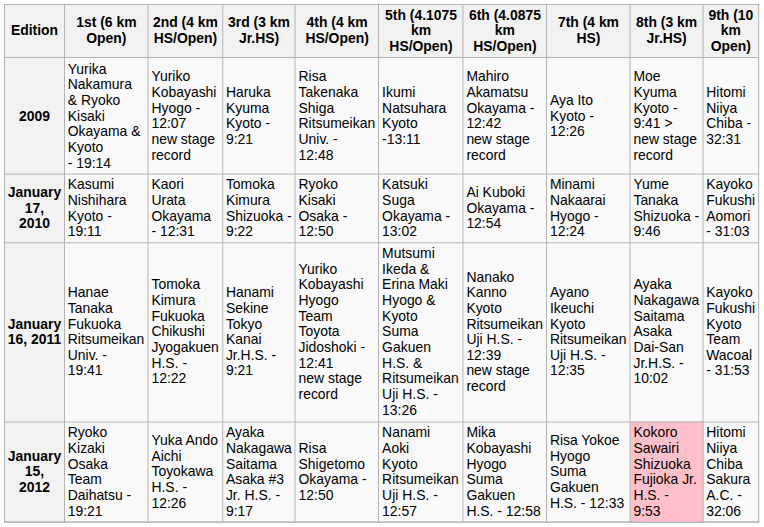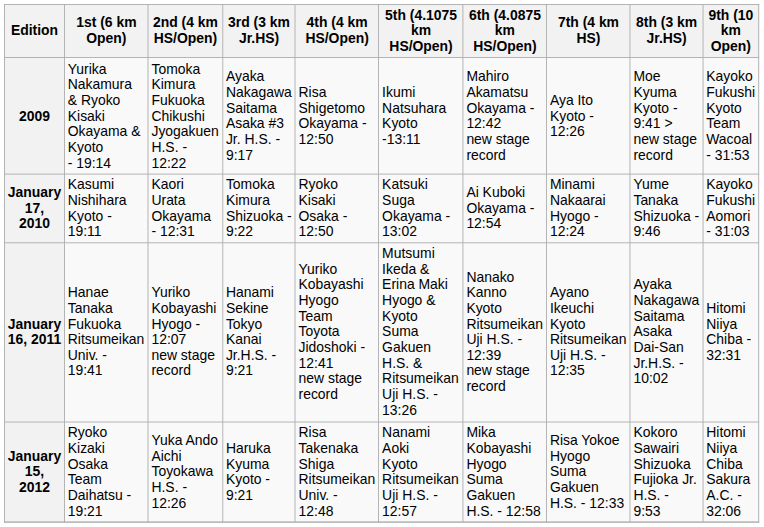 <table class="wikitable" style="text-align:left">
 <tr>
 <th>Edition</th>
 <th scope="col">1st (6 km Open)</th>
 <th scope="col">2nd (4 km HS/Open)</th>
 <th scope="col">3rd (3 km Jr.HS)</th>
 <th scope="col">4th (4 km HS/Open)</th>
 <th scope="col">5th (4.1075 km HS/Open)</th>
 <th scope="col">6th (4.0875 km HS/Open)</th>
 <th scope="col">7th (4 km HS)</th>
 <th scope="col">8th (3 km Jr.HS)</th>
 <th scope="col">9th (10 km Open)</th>
 </tr>
 <tr>
 <th scope="row">2009</th>
 <td>Yurika Nakamura & Ryoko Kisaki <br>Okayama & Kyoto <br> - 19:14</td>
-<td>Yuriko Kobayashi <br>Hyogo - 12:07<br> new stage record</td>
-<td>Haruka Kyuma <br>Kyoto - 9:21</td>
-<td>Risa Takenaka <br>Shiga<br>Ritsumeikan Univ. - 12:48 <br></td>
+<td>Tomoka Kimura <br>Fukuoka<br>Chikushi Jyogakuen H.S. - 12:22<br></td>
+<td>Ayaka Nakagawa <br>Saitama<br>Asaka #3 Jr. H.S. - 9:17 <br></td>
+<td>Risa Shigetomo <br>Okayama - 12:50</td>
 <td>Ikumi Natsuhara <br>Kyoto -13:11</td>
 <td>Mahiro Akamatsu <br>Okayama - 12:42 <br> new stage record</td>
 <td>Aya Ito <br>Kyoto - 12:26</td>
 <td>Moe Kyuma <br>Kyoto - 9:41 ><br> new stage record</td>
-<td>Hitomi Niiya <br>Chiba - 32:31</td>
+<td>Kayoko Fukushi <br>Kyoto<br>Team Wacoal - 31:53 <br></td>
 </tr>
 <tr>
 <th scope="row">January 17, 2010</th>
 <td>Kasumi Nishihara <br>Kyoto - 19:11</td>
 <td>Kaori Urata <br>Okayama - 12:31</td>
 <td>Tomoka Kimura <br>Shizuoka - 9:22</td>
 <td>Ryoko Kisaki <br>Osaka - 12:50</td>
 <td>Katsuki Suga <br>Okayama - 13:02</td>
 <td>Ai Kuboki <br>Okayama - 12:54</td>
 <td>Minami Nakaarai <br>Hyogo - 12:24</td>
 <td>Yume Tanaka <br>Shizuoka - 9:46</td>
 <td>Kayoko Fukushi <br>Aomori - 31:03</td>
 </tr>
 <tr>
 <th scope="row">January 16, 2011</th>
 <td>Hanae Tanaka <br>Fukuoka<br>Ritsumeikan Univ. - 19:41 <br></td>
-<td>Tomoka Kimura <br>Fukuoka<br>Chikushi Jyogakuen H.S. - 12:22<br></td>
+<td>Yuriko Kobayashi <br>Hyogo - 12:07<br> new stage record</td>
 <td>Hanami Sekine <br>Tokyo<br>Kanai Jr.H.S. - 9:21 <br></td>
 <td>Yuriko Kobayashi <br>Hyogo<br>Team Toyota Jidoshoki - 12:41<br>new stage record <br></td>
 <td>Mutsumi Ikeda & Erina Maki <br>Hyogo & Kyoto<br>Suma Gakuen H.S. & Ritsumeikan Uji H.S. - 13:26 <br></td>
 <td>Nanako Kanno <br>Kyoto<br>Ritsumeikan Uji H.S. - 12:39<br>new stage record <br></td>
 <td>Ayano Ikeuchi <br>Kyoto<br>Ritsumeikan Uji H.S. - 12:35 <br></td>
 <td>Ayaka Nakagawa <br>Saitama<br>Asaka Dai-San Jr.H.S. - 10:02 <br></td>
-<td>Kayoko Fukushi <br>Kyoto<br>Team Wacoal - 31:53 <br></td>
+<td>Hitomi Niiya <br>Chiba - 32:31</td>
 </tr>
 <tr>
 <th scope="row">January 15, 2012</th>
 <td>Ryoko Kizaki <br>Osaka<br>Team Daihatsu - 19:21 <br></td>
 <td>Yuka Ando <br>Aichi<br>Toyokawa H.S. - 12:26 <br></td>
-<td>Ayaka Nakagawa <br>Saitama<br>Asaka #3 Jr. H.S. - 9:17 <br></td>
-<td>Risa Shigetomo <br>Okayama - 12:50</td>
+<td>Haruka Kyuma <br>Kyoto - 9:21</td>
+<td>Risa Takenaka <br>Shiga<br>Ritsumeikan Univ. - 12:48 <br></td>
 <td>Nanami Aoki <br>Kyoto<br>Ritsumeikan Uji H.S. - 12:57 <br></td>
 <td>Mika Kobayashi <br>Hyogo<br>Suma Gakuen H.S. - 12:58 <br></td>
 <td>Risa Yokoe <br>Hyogo<br>Suma Gakuen H.S. - 12:33 <br></td>
-<td style="background: pink;">Kokoro Sawairi <br>Shizuoka<br>Fujioka Jr. H.S. - 9:53 <br></td>
+<td>Kokoro Sawairi <br>Shizuoka<br>Fujioka Jr. H.S. - 9:53 <br></td>
 <td>Hitomi Niiya <br>Chiba<br>Sakura A.C. - 32:06 <br></td>
 </tr>
 <tr>
 </tr>
 </table>
